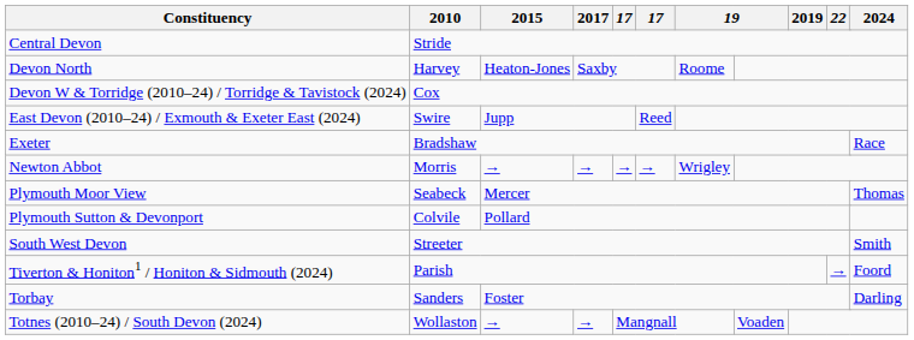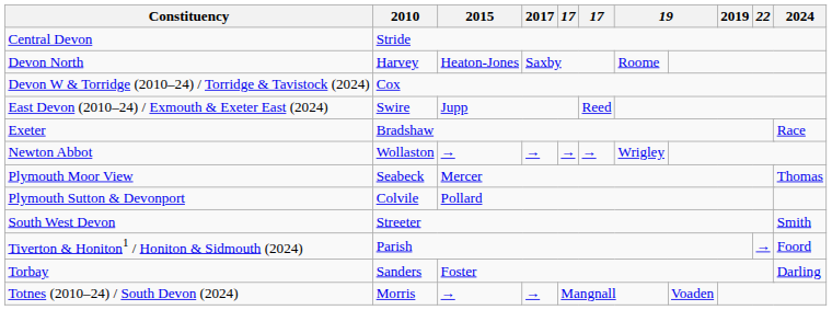 <table class="wikitable">
 <tr>
 <th>Constituency</th>
 <th>2010</th>
 <th>2015</th>
 <th>2017</th>
 <th><em>17</em></th>
 <th><em>17</em></th>
 <th colspan="2"><em>19</em></th>
 <th>2019</th>
 <th colspan="2"><em>22</em></th>
 <th>2024</th>
 </tr>
 <tr>
 <td><a href='#'>Central Devon</a></td>
 <td colspan="11"><a href='#'>Stride</a></td>
 </tr>
 <tr>
 <td><a href='#'>Devon North</a></td>
 <td><a href='#'>Harvey</a></td>
 <td><a href='#'>Heaton-Jones</a></td>
 <td colspan="3"><a href='#'>Saxby</a></td>
 <td><a href='#'>Roome</a></td>
 </tr>
 <tr>
 <td><a href='#'>Devon W & Torridge</a> (2010–24) / <a href='#'>Torridge & Tavistock</a> (2024)</td>
 <td colspan="11"><a href='#'>Cox</a></td>
 </tr>
 <tr>
 <td><a href='#'>East Devon</a> (2010–24) / <a href='#'>Exmouth & Exeter East</a> (2024)</td>
 <td><a href='#'>Swire</a></td>
 <td colspan="3"><a href='#'>Jupp</a></td>
 <td><a href='#'>Reed</a></td>
 </tr>
 <tr>
 <td><a href='#'>Exeter</a></td>
 <td colspan="10"><a href='#'>Bradshaw</a></td>
 <td><a href='#'>Race</a></td>
 </tr>
 <tr>
 <td><a href='#'>Newton Abbot</a></td>
-<td><a href='#'>Morris</a></td>
+<td><a href='#'>Wollaston</a></td>
 <td><a href='#'>→</a></td>
 <td><a href='#'>→</a></td>
 <td><a href='#'>→</a></td>
 <td><a href='#'>→</a></td>
 <td><a href='#'>Wrigley</a></td>
 </tr>
 <tr>
 <td><a href='#'>Plymouth Moor View</a></td>
 <td><a href='#'>Seabeck</a></td>
 <td colspan="9"><a href='#'>Mercer</a></td>
 <td><a href='#'>Thomas</a></td>
 </tr>
 <tr>
 <td><a href='#'>Plymouth Sutton & Devonport</a></td>
 <td><a href='#'>Colvile</a></td>
 <td colspan="9"><a href='#'>Pollard</a></td>
 </tr>
 <tr>
 <td><a href='#'>South West Devon</a></td>
 <td colspan="10"><a href='#'>Streeter</a></td>
 <td><a href='#'>Smith</a></td>
 </tr>
 <tr>
 <td><a href='#'>Tiverton & Honiton</a><sup>1</sup> / <a href='#'>Honiton & Sidmouth</a> (2024)</td>
 <td colspan="8"><a href='#'>Parish</a></td>
 <td><a href='#'>→</a></td>
 <td colspan="2"><a href='#'>Foord</a></td>
 </tr>
 <tr>
 <td><a href='#'>Torbay</a></td>
 <td><a href='#'>Sanders</a></td>
 <td colspan="9"><a href='#'>Foster</a></td>
 <td><a href='#'>Darling</a></td>
 </tr>
 <tr>
 <td><a href='#'>Totnes</a> (2010–24) / <a href='#'>South Devon</a> (2024)</td>
-<td><a href='#'>Wollaston</a></td>
+<td><a href='#'>Morris</a></td>
 <td><a href='#'>→</a></td>
 <td><a href='#'>→</a></td>
 <td colspan="3"><a href='#'>Mangnall</a></td>
 <td><a href='#'>Voaden</a></td>
 </tr>
 </table>
